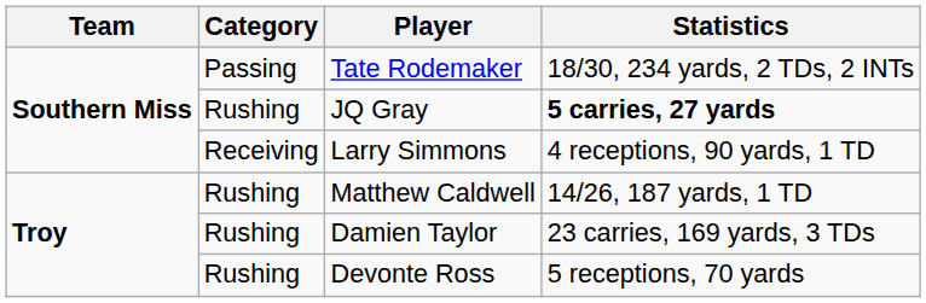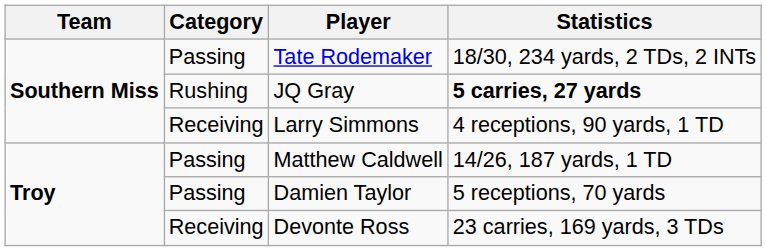 <table class="wikitable" style="float: right;">
 <tr>
 <th>Team</th>
 <th>Category</th>
 <th>Player</th>
 <th>Statistics</th>
 </tr>
 <tr>
 <td rowspan=3><strong>Southern Miss</strong></td>
 <td>Passing</td>
 <td><a href='#'>Tate Rodemaker</a></td>
 <td>18/30, 234 yards, 2 TDs, 2 INTs</td>
 </tr>
 <tr>
 <td>Rushing</td>
 <td>JQ Gray</td>
 <td><strong>5 carries, 27 yards</strong></td>
 </tr>
 <tr>
 <td>Receiving</td>
 <td>Larry Simmons</td>
 <td>4 receptions, 90 yards, 1 TD</td>
 </tr>
 <tr>
 <td rowspan=3><strong>Troy</strong></td>
-<td>Rushing</td>
+<td>Passing</td>
 <td>Matthew Caldwell</td>
 <td>14/26, 187 yards, 1 TD</td>
 </tr>
 <tr>
-<td>Rushing</td>
+<td>Passing</td>
 <td>Damien Taylor</td>
+<td>5 receptions, 70 yards</td>
+</tr>
+<tr>
+<td>Receiving</td>
+<td>Devonte Ross</td>
 <td>23 carries, 169 yards, 3 TDs</td>
 </tr>
-<tr>
-<td>Rushing</td>
-<td>Devonte Ross</td>
-<td>5 receptions, 70 yards</td>
-</tr>
 </table>
